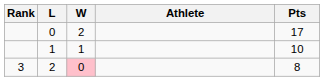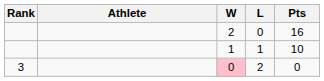 <table class="wikitable" style="text-align: center; font-size:90% ">
 <tr>
 <th width="20">Rank</th>
+<th width="220">Athlete</th>
+<th width="30">W</th>
 <th width="30">L</th>
-<th width="30">W</th>
-<th width="220">Athlete</th>
 <th width="50">Pts</th>
 </tr>
 <tr>
 <td></td>
+<td align=left><strong></strong></td>
+<td>2</td>
 <td>0</td>
-<td>2</td>
-<td align=left><strong></strong></td>
-<td>17</td>
+<td>16</td>
 </tr>
 <tr>
 <td></td>
+<td align=left><strong></strong></td>
 <td>1</td>
 <td>1</td>
-<td align=left><strong></strong></td>
 <td>10</td>
 </tr>
 <tr>
 <td>3</td>
+<td align=left></td>
+<td style="background: pink;">0</td>
 <td>2</td>
-<td style="background: pink;">0</td>
-<td align=left></td>
-<td>8</td>
+<td>0</td>
 </tr>
 </table>
